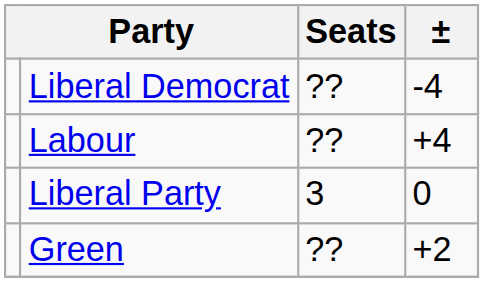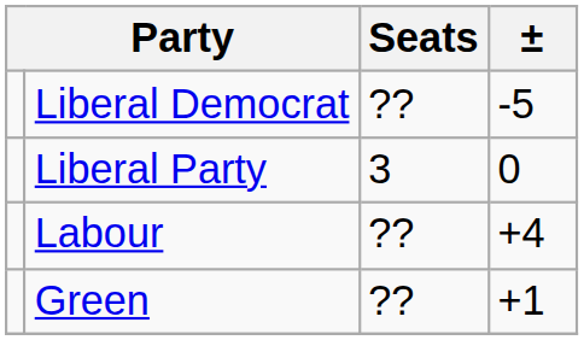 <table class="wikitable">
 <tr>
 <th colspan="2">Party</th>
 <th>Seats</th>
 <th>  ±  </th>
 </tr>
 <tr>
 <td style="background-color: "></td>
 <td><a href='#'>Liberal Democrat</a></td>
 <td>??</td>
-<td>-4</td>
+<td>-5</td>
+</tr>
+<tr>
+<td style="background-color: "></td>
+<td><a href='#'>Liberal Party</a></td>
+<td>3</td>
+<td>0</td>
 </tr>
 <tr>
 <td style="background-color: "></td>
 <td><a href='#'>Labour</a></td>
 <td>??</td>
 <td>+4</td>
 </tr>
 <tr>
 <td style="background-color: "></td>
-<td><a href='#'>Liberal Party</a></td>
-<td>3</td>
-<td>0</td>
-</tr>
-<tr>
-<td style="background-color: "></td>
 <td><a href='#'>Green</a></td>
 <td>??</td>
-<td>+2</td>
+<td>+1</td>
 </tr>
 <tr>
 </tr>
 </table>
